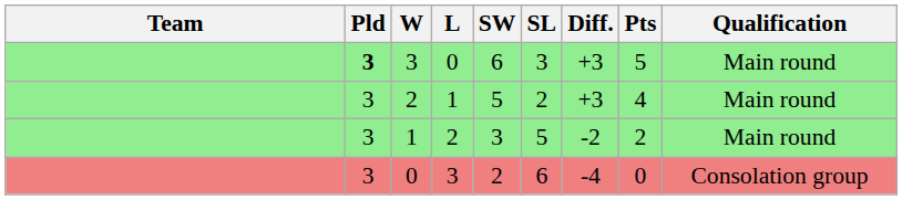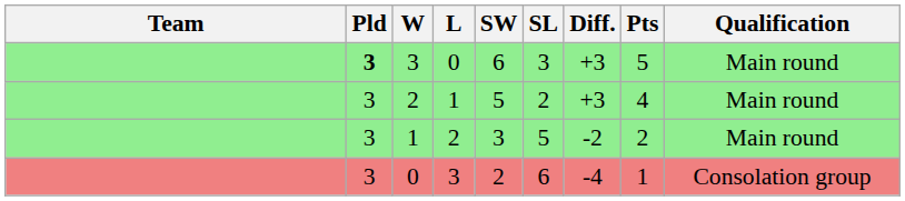 <table class=wikitable style="text-align:center">
 <tr>
 <th width=220>Team</th>
 <th width=20>Pld</th>
 <th width=20>W</th>
 <th width=20>L</th>
 <th width=20>SW</th>
 <th width=20>SL</th>
 <th width=20>Diff.</th>
 <th width=20>Pts</th>
 <th width=150>Qualification</th>
 </tr>
 <tr bgcolor=90EE90>
 <td align=left></td>
 <td><strong>3</strong></td>
 <td>3</td>
 <td>0</td>
 <td>6</td>
 <td>3</td>
 <td>+3</td>
 <td>5</td>
 <td>Main round</td>
 </tr>
 <tr bgcolor=90EE90>
 <td align=left></td>
 <td>3</td>
 <td>2</td>
 <td>1</td>
 <td>5</td>
 <td>2</td>
 <td>+3</td>
 <td>4</td>
 <td>Main round</td>
 </tr>
 <tr bgcolor=90EE90>
 <td align=left></td>
 <td>3</td>
 <td>1</td>
 <td>2</td>
 <td>3</td>
 <td>5</td>
 <td>-2</td>
 <td>2</td>
 <td>Main round</td>
 </tr>
 <tr bgcolor=F08080>
 <td align=left></td>
 <td>3</td>
 <td>0</td>
 <td>3</td>
 <td>2</td>
 <td>6</td>
 <td>-4</td>
-<td>0</td>
+<td>1</td>
 <td>Consolation group</td>
 </tr>
 </table>
